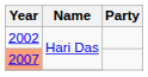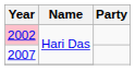 <table class="wikitable sortable">
 <tr>
 <th>Year</th>
 <th>Name</th>
 <th colspan=2>Party</th>
 </tr>
 <tr>
-<td><a href='#'>2002</a></td>
+<td style="background: pink;"><a href='#'>2002</a></td>
 <td rowspan=2><a href='#'>Hari Das</a></td>
 <td></td>
 </tr>
 <tr>
-<td style="background: lightsalmon;"><a href='#'>2007</a></td>
+<td><a href='#'>2007</a></td>
 </tr>
 <tr>
 </tr>
 </table>
